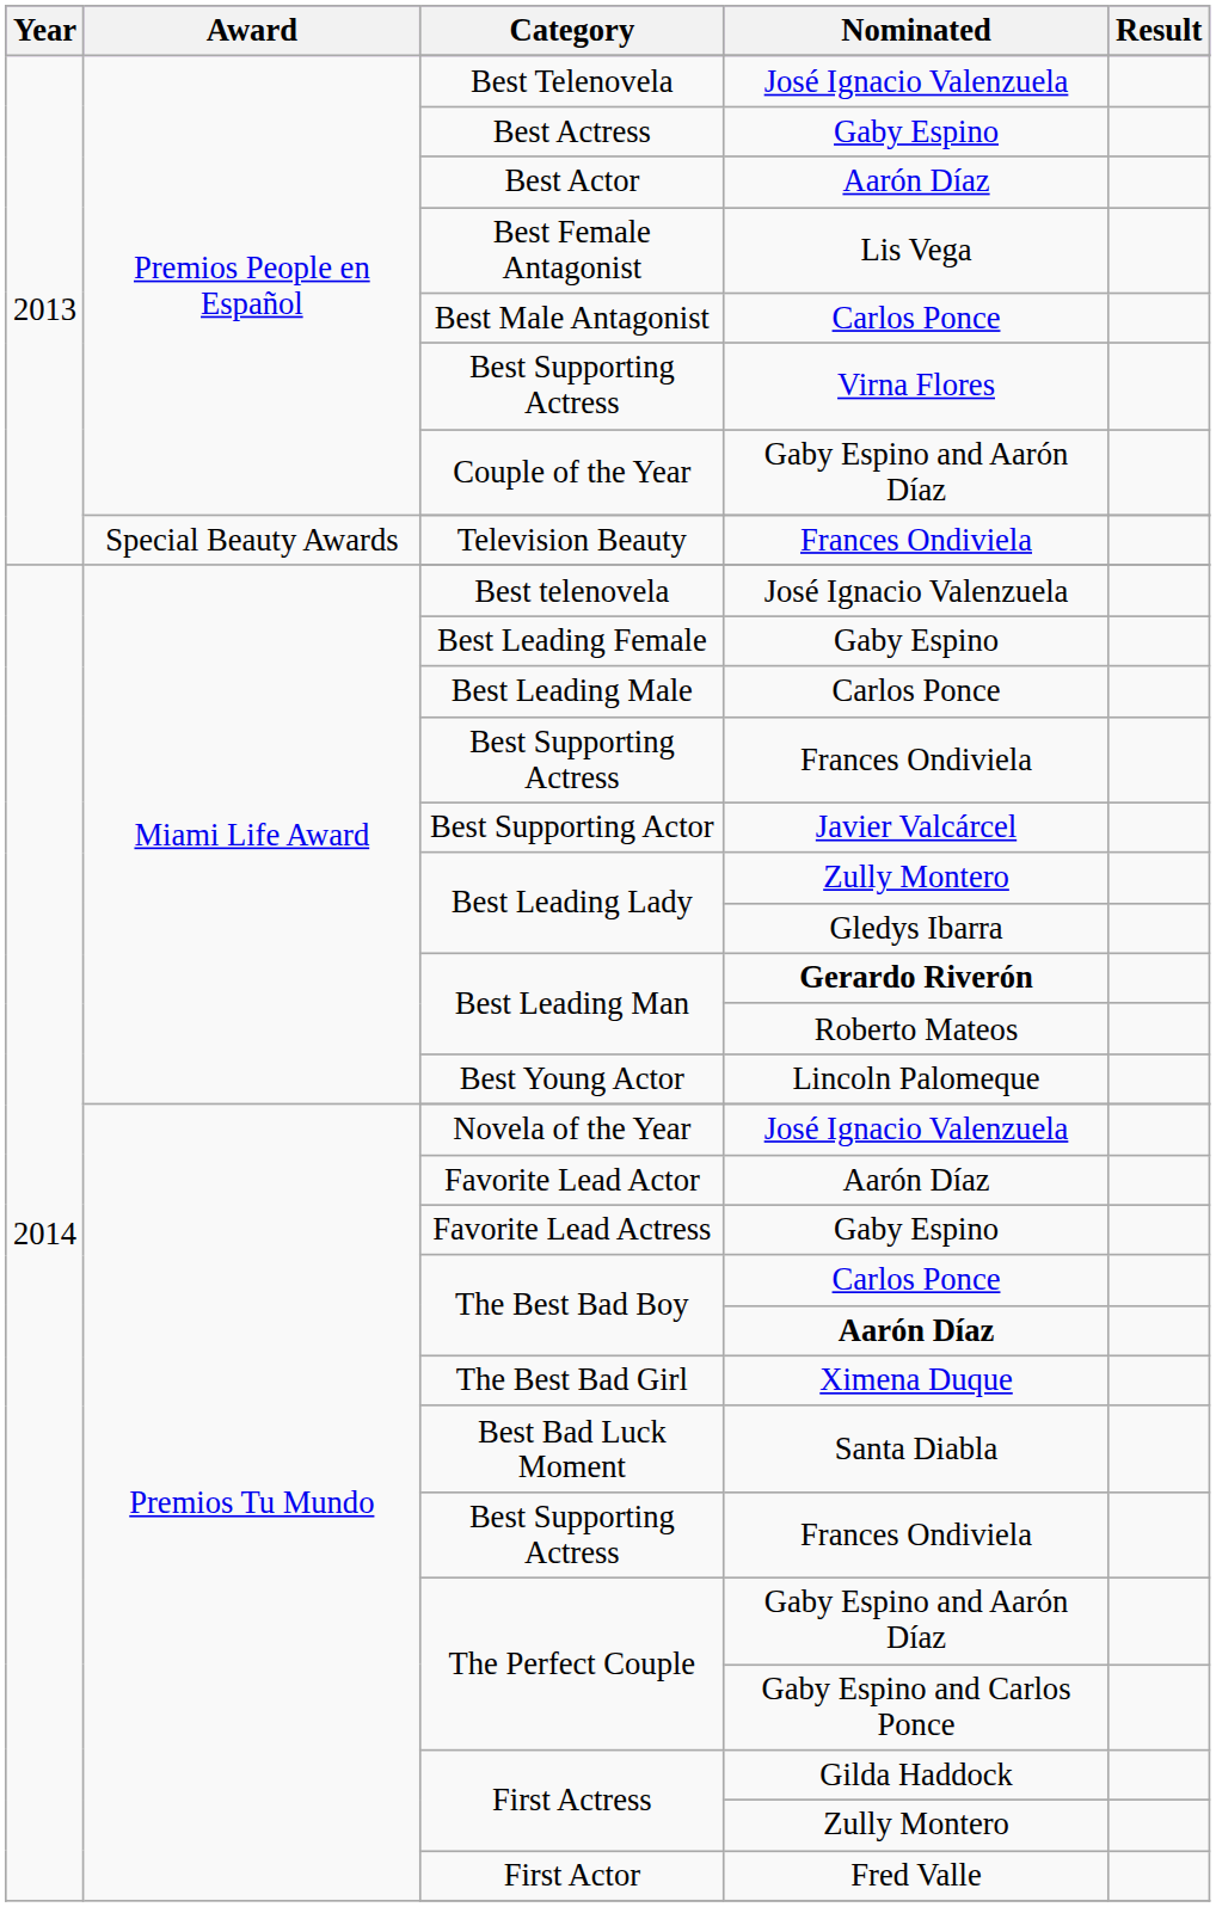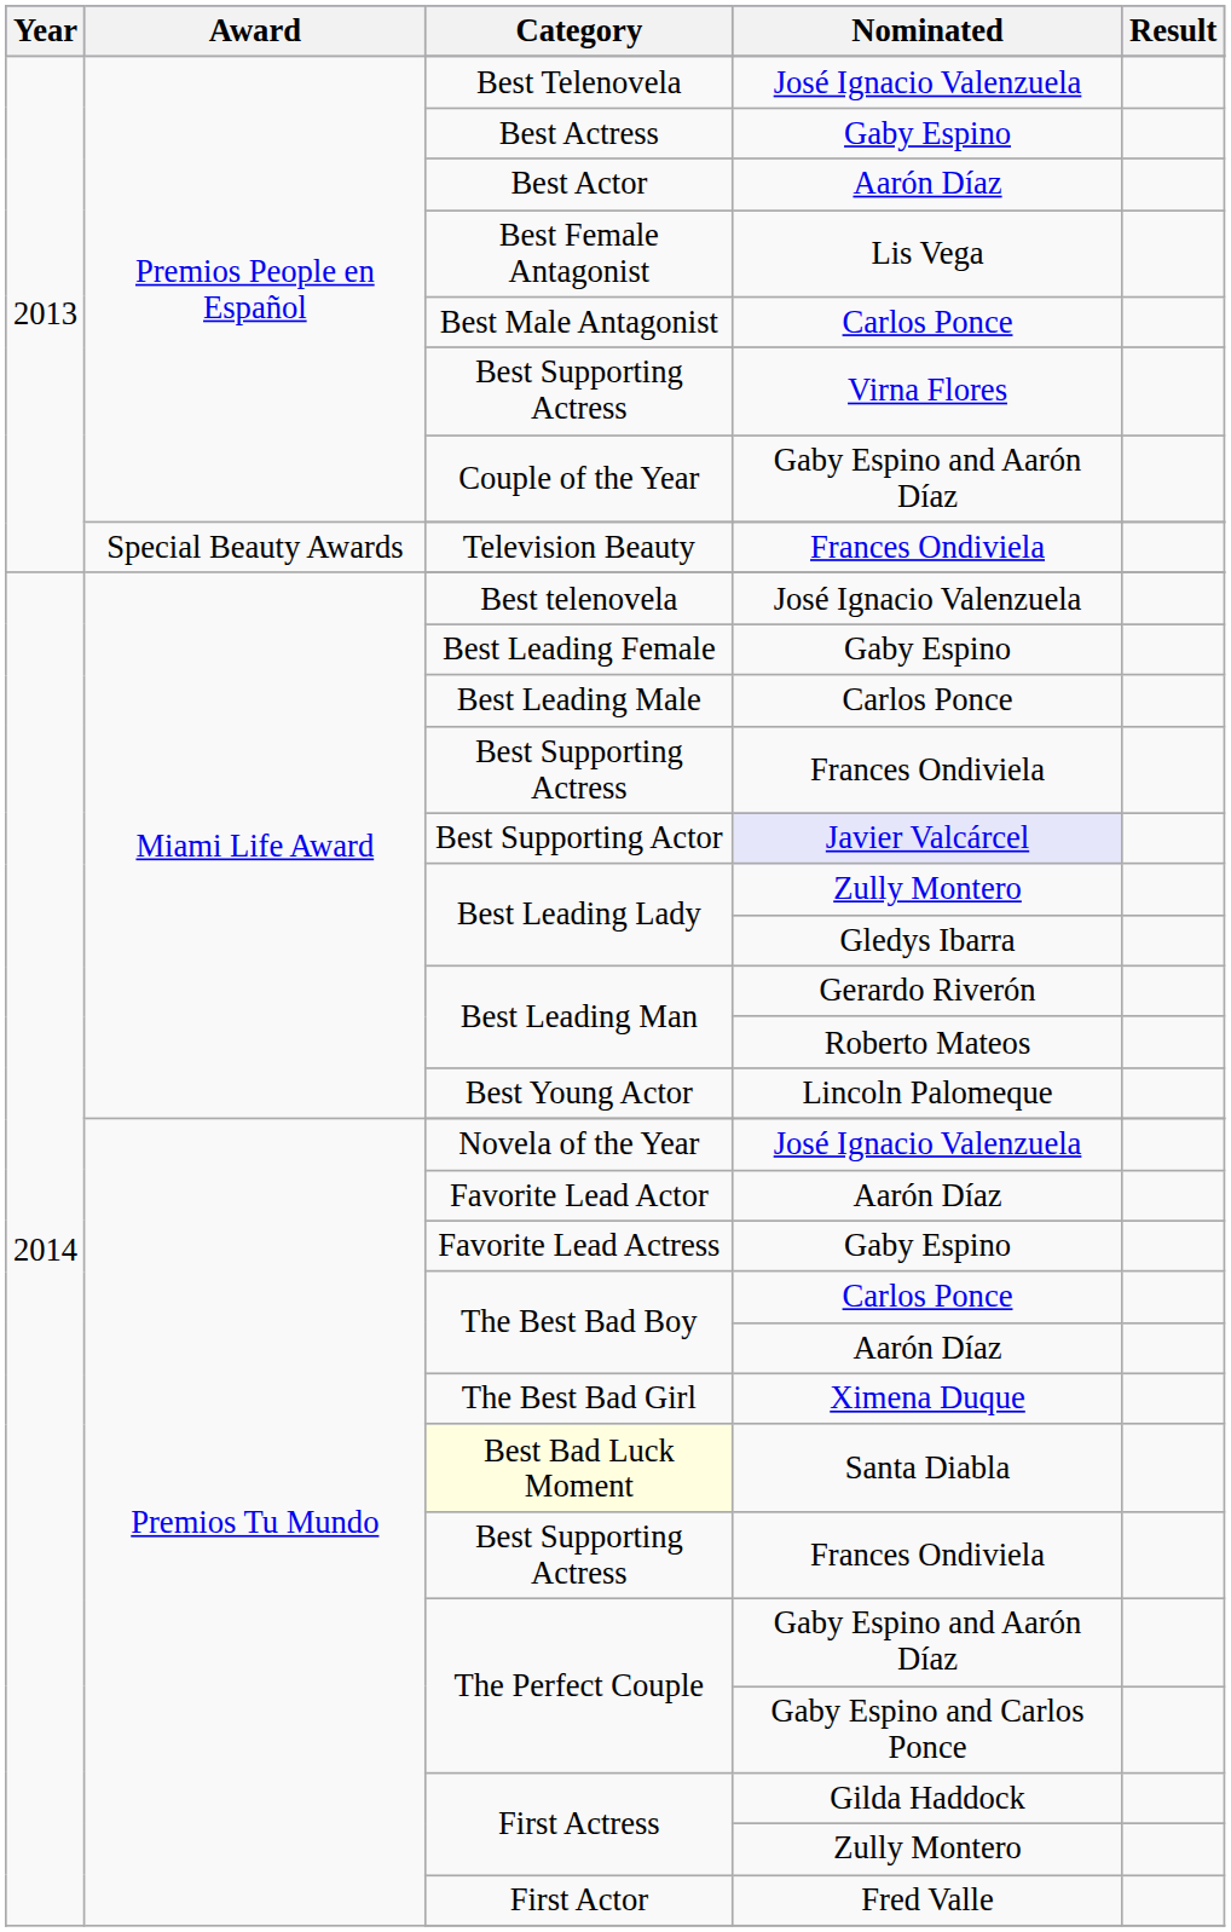 <table class="wikitable plainrowheaders" style="text-align:center">
 <tr style="background:#96c;">
 <th scope="col">Year</th>
 <th scope="col">Award</th>
 <th scope="col">Category</th>
 <th scope="col">Nominated</th>
 <th scope="col">Result</th>
 </tr>
 <tr>
 <td scope="row" rowspan="10">2013</td>
 <td rowspan="8"><a href='#'>Premios People en Español</a></td>
 </tr>
 <tr>
 <td scope="row">Best Telenovela</td>
 <td><a href='#'>José Ignacio Valenzuela</a></td>
 <td></td>
 </tr>
 <tr>
 <td scope="row">Best Actress</td>
 <td><a href='#'>Gaby Espino</a></td>
 <td></td>
 </tr>
 <tr>
 <td scope="row">Best Actor</td>
 <td><a href='#'>Aarón Díaz</a></td>
 <td></td>
 </tr>
 <tr>
 <td scope="row">Best Female Antagonist</td>
 <td>Lis Vega</td>
 <td></td>
 </tr>
 <tr>
 <td scope="row">Best Male Antagonist</td>
 <td><a href='#'>Carlos Ponce</a></td>
 <td></td>
 </tr>
 <tr>
 <td scope="row">Best Supporting Actress</td>
 <td><a href='#'>Virna Flores</a></td>
 <td></td>
 </tr>
 <tr>
 <td scope="row">Couple of the Year</td>
 <td>Gaby Espino and Aarón Díaz</td>
 <td></td>
 </tr>
 <tr>
 <td rowspan="2">Special Beauty Awards</td>
 </tr>
 <tr>
 <td scope="row">Television Beauty</td>
 <td><a href='#'>Frances Ondiviela</a></td>
 <td></td>
 </tr>
 <tr>
 <td scope="row" rowspan="45">2014</td>
 <td rowspan="11"><a href='#'>Miami Life Award</a></td>
 </tr>
 <tr>
 <td scope="row">Best telenovela</td>
 <td>José Ignacio Valenzuela</td>
 <td></td>
 </tr>
 <tr>
 <td scope="row">Best Leading Female</td>
 <td>Gaby Espino</td>
 <td></td>
 </tr>
 <tr>
 <td scope="row">Best Leading Male</td>
 <td>Carlos Ponce</td>
 <td></td>
 </tr>
 <tr>
 <td scope="row">Best Supporting Actress</td>
 <td>Frances Ondiviela</td>
 <td></td>
 </tr>
 <tr>
 <td scope="row">Best Supporting Actor</td>
-<td><a href='#'>Javier Valcárcel</a></td>
+<td style="background: lavender;"><a href='#'>Javier Valcárcel</a></td>
 <td></td>
 </tr>
 <tr>
 <td scope="row" rowspan="2">Best Leading Lady</td>
 <td><a href='#'>Zully Montero</a></td>
 <td></td>
 </tr>
 <tr>
 <td>Gledys Ibarra</td>
 <td></td>
 </tr>
 <tr>
 <td scope="row" rowspan="2">Best Leading Man</td>
-<td><strong>Gerardo Riverón</strong></td>
+<td>Gerardo Riverón</td>
 <td></td>
 </tr>
 <tr>
 <td>Roberto Mateos</td>
 <td></td>
 </tr>
 <tr>
 <td scope="row">Best Young Actor</td>
 <td>Lincoln Palomeque</td>
 <td></td>
 </tr>
 <tr>
 <td rowspan="16"><a href='#'>Premios Tu Mundo</a></td>
 </tr>
 <tr>
 <td scope="row">Novela of the Year</td>
 <td><a href='#'>José Ignacio Valenzuela</a></td>
 <td></td>
 </tr>
 <tr>
 <td scope="row">Favorite Lead Actor</td>
 <td>Aarón Díaz</td>
 <td></td>
 </tr>
 <tr>
 <td scope="row">Favorite Lead Actress</td>
 <td>Gaby Espino</td>
 <td></td>
 </tr>
 <tr>
 <td scope="row" rowspan="2">The Best Bad Boy</td>
 <td><a href='#'>Carlos Ponce</a></td>
 <td></td>
 </tr>
 <tr>
-<td><strong>Aarón Díaz</strong></td>
+<td>Aarón Díaz</td>
 <td></td>
 </tr>
 <tr>
 <td scope="row">The Best Bad Girl</td>
 <td><a href='#'>Ximena Duque</a></td>
 <td></td>
 </tr>
 <tr>
-<td scope="row">Best Bad Luck Moment</td>
+<td scope="row" style="background: lightyellow;">Best Bad Luck Moment</td>
 <td>Santa Diabla</td>
 <td></td>
 </tr>
 <tr>
 <td scope="row" rowspan="1">Best Supporting Actress</td>
 <td>Frances Ondiviela</td>
 <td></td>
 </tr>
 <tr>
 <td scope="row" rowspan="2">The Perfect Couple</td>
 <td>Gaby Espino and Aarón Díaz</td>
 <td></td>
 </tr>
 <tr>
 <td>Gaby Espino and Carlos Ponce</td>
 <td></td>
 </tr>
 <tr>
 <td scope="row" rowspan="2">First Actress</td>
 <td>Gilda Haddock</td>
 <td></td>
 </tr>
 <tr>
 <td>Zully Montero</td>
 <td></td>
 </tr>
 <tr>
 <td scope="row">First Actor</td>
 <td>Fred Valle</td>
 <td></td>
 </tr>
 <tr>
 </tr>
 </table>
